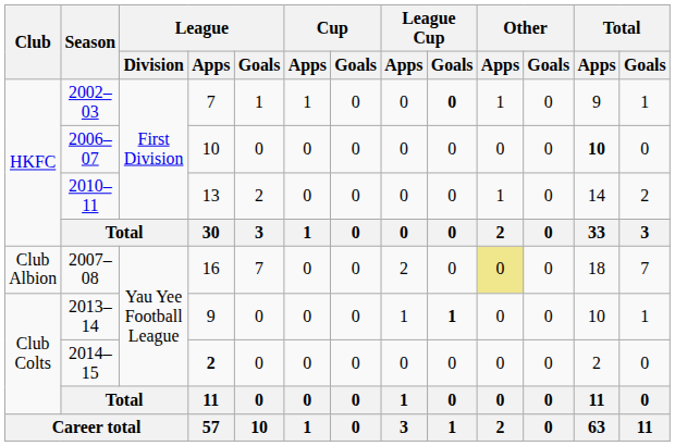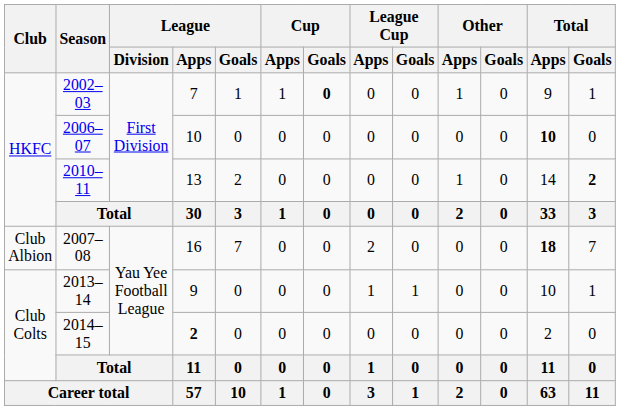 <table class="wikitable" style="text-align: center">
 <tr>
 <th rowspan="2">Club</th>
 <th rowspan="2">Season</th>
 <th colspan="3">League</th>
 <th colspan="2">Cup</th>
 <th colspan="2">League Cup</th>
 <th colspan="2">Other</th>
 <th colspan="2">Total</th>
 </tr>
 <tr>
 <th>Division</th>
 <th>Apps</th>
 <th>Goals</th>
 <th>Apps</th>
 <th>Goals</th>
 <th>Apps</th>
 <th>Goals</th>
 <th>Apps</th>
 <th>Goals</th>
 <th>Apps</th>
 <th>Goals</th>
 </tr>
 <tr>
 <td rowspan="4"><a href='#'>HKFC</a></td>
 <td><a href='#'>2002–03</a></td>
 <td rowspan="3"><a href='#'>First Division</a></td>
 <td>7</td>
 <td>1</td>
 <td>1</td>
+<td><strong>0</strong></td>
 <td>0</td>
 <td>0</td>
-<td><strong>0</strong></td>
 <td>1</td>
 <td>0</td>
 <td>9</td>
 <td>1</td>
 </tr>
 <tr>
 <td><a href='#'>2006–07</a></td>
 <td>10</td>
 <td>0</td>
 <td>0</td>
 <td>0</td>
 <td>0</td>
 <td>0</td>
 <td>0</td>
 <td>0</td>
 <td><strong>10</strong></td>
 <td>0</td>
 </tr>
 <tr>
 <td><a href='#'>2010–11</a></td>
 <td>13</td>
 <td>2</td>
 <td>0</td>
 <td>0</td>
 <td>0</td>
 <td>0</td>
 <td>1</td>
 <td>0</td>
 <td>14</td>
-<td>2</td>
+<td><strong>2</strong></td>
 </tr>
 <tr>
 <th colspan="2">Total</th>
 <th>30</th>
 <th>3</th>
 <th>1</th>
 <th>0</th>
 <th>0</th>
 <th>0</th>
 <th>2</th>
 <th>0</th>
 <th>33</th>
 <th>3</th>
 </tr>
 <tr>
 <td>Club Albion</td>
 <td>2007–08</td>
 <td rowspan="3">Yau Yee Football League</td>
 <td>16</td>
 <td>7</td>
 <td>0</td>
 <td>0</td>
 <td>2</td>
 <td>0</td>
-<td style="background: khaki;">0</td>
 <td>0</td>
-<td>18</td>
+<td>0</td>
+<td><strong>18</strong></td>
 <td>7</td>
 </tr>
 <tr>
 <td rowspan="3">Club Colts</td>
 <td>2013–14</td>
 <td>9</td>
 <td>0</td>
 <td>0</td>
 <td>0</td>
 <td>1</td>
-<td><strong>1</strong></td>
+<td>1</td>
 <td>0</td>
 <td>0</td>
 <td>10</td>
 <td>1</td>
 </tr>
 <tr>
 <td>2014–15</td>
 <td><strong>2</strong></td>
 <td>0</td>
 <td>0</td>
 <td>0</td>
 <td>0</td>
 <td>0</td>
 <td>0</td>
 <td>0</td>
 <td>2</td>
 <td>0</td>
 </tr>
 <tr>
 <th colspan="2">Total</th>
 <th>11</th>
 <th>0</th>
 <th>0</th>
 <th>0</th>
 <th>1</th>
 <th>0</th>
 <th>0</th>
 <th>0</th>
 <th>11</th>
 <th>0</th>
 </tr>
 <tr>
 <th colspan="3">Career total</th>
 <th>57</th>
 <th>10</th>
 <th>1</th>
 <th>0</th>
 <th>3</th>
 <th>1</th>
 <th>2</th>
 <th>0</th>
 <th>63</th>
 <th>11</th>
 </tr>
 </table>
